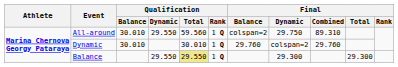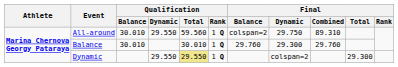 <table class="wikitable" style="text-align:center; font-size:90%">
 <tr>
 <th rowspan=2>Athlete</th>
 <th rowspan=2>Event</th>
 <th colspan=4>Qualification</th>
 <th colspan=5>Final</th>
 </tr>
 <tr style="font-size:95%">
 <th>Balance</th>
 <th>Dynamic</th>
 <th>Total</th>
 <th>Rank</th>
 <th>Balance</th>
 <th>Dynamic</th>
 <th>Combined</th>
 <th>Total</th>
 <th>Rank</th>
 </tr>
 <tr>
 <td rowspan=3 align=left><strong><a href='#'>Marina Chernova</a><br><a href='#'>Georgy Pataraya</a></strong></td>
 <td align=left><a href='#'>All-around</a></td>
 <td>30.010</td>
 <td>29.550</td>
 <td>59.560</td>
 <td>1 <strong>Q</strong></td>
 <td>colspan=2 </td>
 <td>29.750</td>
 <td>89.310</td>
 <td></td>
 </tr>
 <tr>
-<td align=left><a href='#'>Dynamic</a></td>
+<td align=left><a href='#'>Balance</a></td>
 <td>30.010</td>
 <td></td>
 <td>30.010</td>
 <td>1 <strong>Q</strong></td>
 <td>29.760</td>
-<td>colspan=2 </td>
+<td>29.300</td>
 <td>29.760</td>
 <td></td>
 </tr>
 <tr>
-<td align=left><a href='#'>Balance</a></td>
+<td align=left><a href='#'>Dynamic</a></td>
 <td></td>
 <td>29.550</td>
 <td style="background: khaki;">29.550</td>
 <td>1 <strong>Q</strong></td>
 <td></td>
-<td>29.300</td>
+<td>colspan=2 </td>
 <td></td>
 <td>29.300</td>
 <td></td>
 </tr>
 </table>
